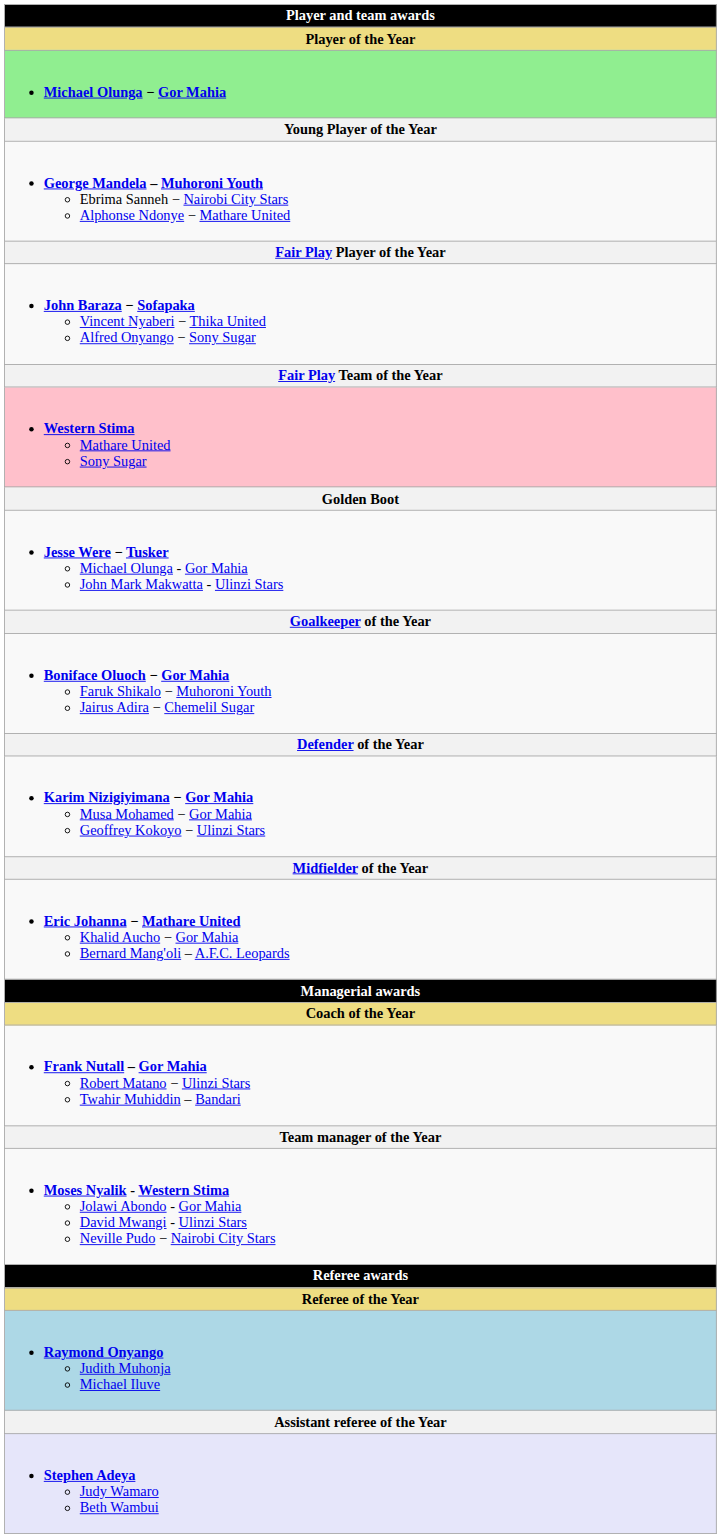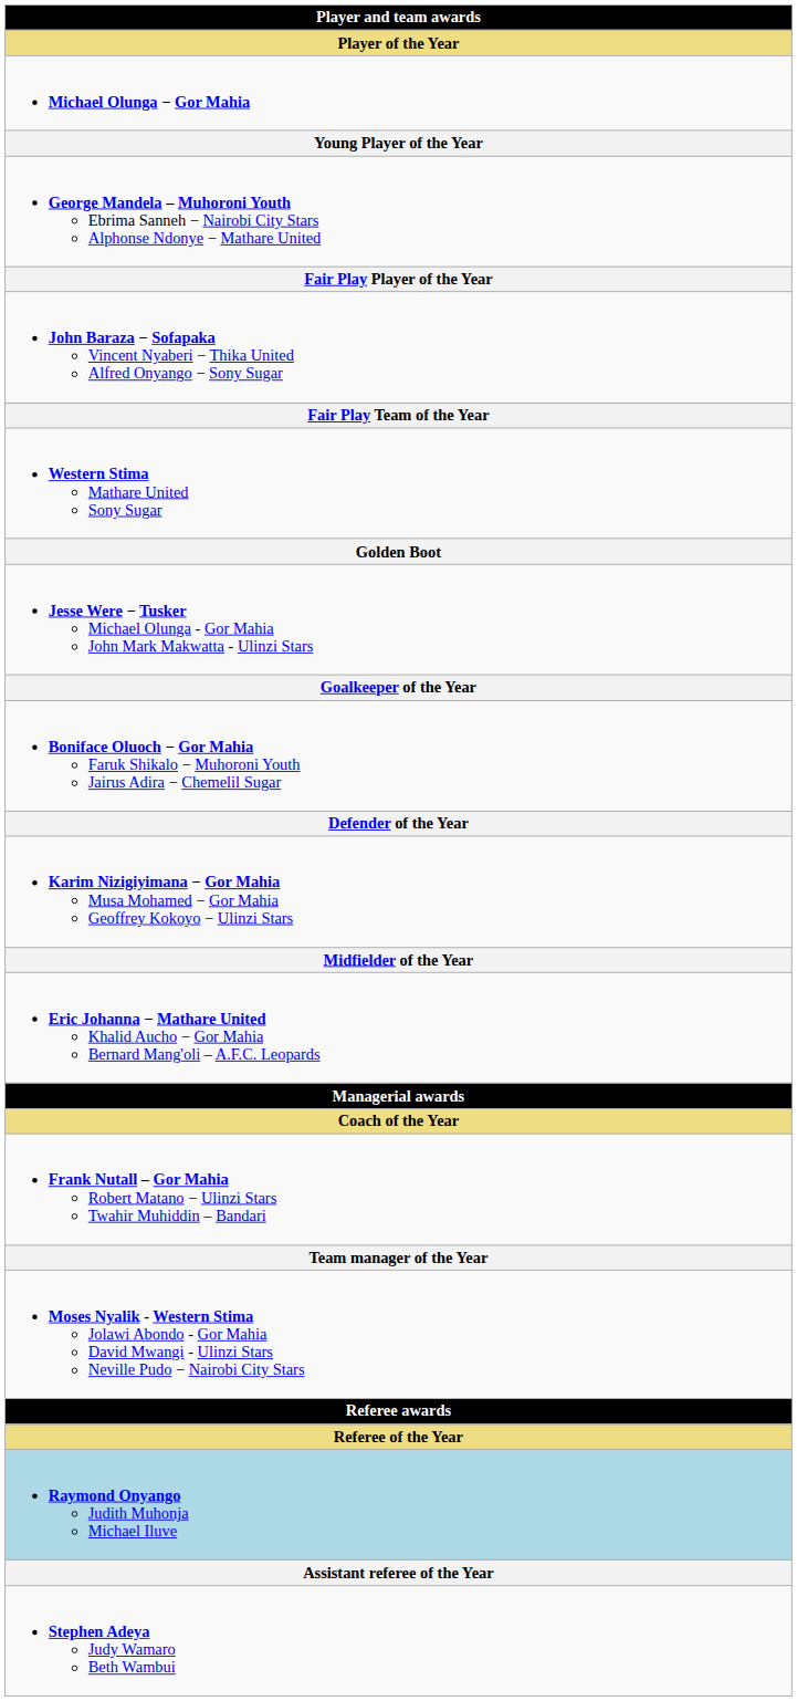 <table class="wikitable" width="50%">
 <tr>
 <th style="background:#000000; color: #FFFFFF">Player and team awards</th>
 </tr>
 <tr>
 <th style="background:#EEDD82;">Player of the Year</th>
 </tr>
 <tr>
-<td valign="top" style="background: lightgreen;"><br><ul><li><strong> <a href='#'>Michael Olunga</a> − <a href='#'>Gor Mahia</a></strong></li></ul></td>
+<td valign="top"><br><ul><li><strong> <a href='#'>Michael Olunga</a> − <a href='#'>Gor Mahia</a></strong></li></ul></td>
 </tr>
 <tr>
 <th>Young Player of the Year</th>
 </tr>
 <tr>
 <td valign="top"><br><ul><li><strong> <a href='#'>George Mandela</a> – <a href='#'>Muhoroni Youth</a></strong><ul><li> Ebrima Sanneh − <a href='#'>Nairobi City Stars</a></li><li> <a href='#'>Alphonse Ndonye</a> − <a href='#'>Mathare United</a></li></ul></li></ul></td>
 </tr>
 <tr>
 <th><a href='#'>Fair Play</a> Player of the Year</th>
 </tr>
 <tr>
 <td valign="top"><br><ul><li><strong> <a href='#'>John Baraza</a> − <a href='#'>Sofapaka</a></strong><ul><li> <a href='#'>Vincent Nyaberi</a> − <a href='#'>Thika United</a></li><li> <a href='#'>Alfred Onyango</a> − <a href='#'>Sony Sugar</a></li></ul></li></ul></td>
 </tr>
 <tr>
 <th><a href='#'>Fair Play</a> Team of the Year</th>
 </tr>
 <tr>
-<td valign="top" style="background: pink;"><br><ul><li><strong><a href='#'>Western Stima</a></strong><ul><li><a href='#'>Mathare United</a></li><li><a href='#'>Sony Sugar</a></li></ul></li></ul></td>
+<td valign="top"><br><ul><li><strong><a href='#'>Western Stima</a></strong><ul><li><a href='#'>Mathare United</a></li><li><a href='#'>Sony Sugar</a></li></ul></li></ul></td>
 </tr>
 <tr>
 <th>Golden Boot</th>
 </tr>
 <tr>
 <td valign="top"><br><ul><li><strong> <a href='#'>Jesse Were</a> − <a href='#'>Tusker</a></strong><ul><li> <a href='#'>Michael Olunga</a> - <a href='#'>Gor Mahia</a></li><li> <a href='#'>John Mark Makwatta</a> - <a href='#'>Ulinzi Stars</a></li></ul></li></ul></td>
 </tr>
 <tr>
 <th><a href='#'>Goalkeeper</a> of the Year</th>
 </tr>
 <tr>
 <td valign="top"><br><ul><li><strong> <a href='#'>Boniface Oluoch</a> − <a href='#'>Gor Mahia</a></strong><ul><li> <a href='#'>Faruk Shikalo</a> − <a href='#'>Muhoroni Youth</a></li><li> <a href='#'>Jairus Adira</a> − <a href='#'>Chemelil Sugar</a></li></ul></li></ul></td>
 </tr>
 <tr>
 <th><a href='#'>Defender</a> of the Year</th>
 </tr>
 <tr>
 <td valign="top"><br><ul><li><strong> <a href='#'>Karim Nizigiyimana</a> − <a href='#'>Gor Mahia</a></strong><ul><li> <a href='#'>Musa Mohamed</a> − <a href='#'>Gor Mahia</a></li><li> <a href='#'>Geoffrey Kokoyo</a> − <a href='#'>Ulinzi Stars</a></li></ul></li></ul></td>
 </tr>
 <tr>
 <th><a href='#'>Midfielder</a> of the Year</th>
 </tr>
 <tr>
 <td valign="top"><br><ul><li><strong> <a href='#'>Eric Johanna</a> − <a href='#'>Mathare United</a></strong><ul><li> <a href='#'>Khalid Aucho</a> − <a href='#'>Gor Mahia</a></li><li> <a href='#'>Bernard Mang'oli</a> – <a href='#'>A.F.C. Leopards</a></li></ul></li></ul></td>
 </tr>
 <tr>
 <th style="background:#000000; color: #FFFFFF">Managerial awards</th>
 </tr>
 <tr>
 <th style="background:#EEDD82;">Coach of the Year</th>
 </tr>
 <tr>
 <td valign="top"><br><ul><li><strong> <a href='#'>Frank Nutall</a> – <a href='#'>Gor Mahia</a></strong><ul><li> <a href='#'>Robert Matano</a> − <a href='#'>Ulinzi Stars</a></li><li> <a href='#'>Twahir Muhiddin</a> – <a href='#'>Bandari</a></li></ul></li></ul></td>
 </tr>
 <tr>
 <th>Team manager of the Year</th>
 </tr>
 <tr>
 <td valign="top"><br><ul><li><strong> <a href='#'>Moses Nyalik</a> - <a href='#'>Western Stima</a></strong><ul><li> <a href='#'>Jolawi Abondo</a> - <a href='#'>Gor Mahia</a></li><li> <a href='#'>David Mwangi</a> - <a href='#'>Ulinzi Stars</a></li><li> <a href='#'>Neville Pudo</a> − <a href='#'>Nairobi City Stars</a></li></ul></li></ul></td>
 </tr>
 <tr>
 <th style="background:#000000; color: #FFFFFF">Referee awards</th>
 </tr>
 <tr>
 </tr>
 <tr>
 <th style="background:#EEDD82;">Referee of the Year</th>
 </tr>
 <tr>
 <td valign="top" style="background: lightblue;"><br><ul><li><strong><a href='#'>Raymond Onyango</a></strong><ul><li><a href='#'>Judith Muhonja</a></li><li><a href='#'>Michael Iluve</a></li></ul></li></ul></td>
 </tr>
 <tr>
 <th>Assistant referee of the Year</th>
 </tr>
 <tr>
-<td valign="top" style="background: lavender;"><br><ul><li><strong><a href='#'>Stephen Adeya</a></strong><ul><li><a href='#'>Judy Wamaro</a></li><li><a href='#'>Beth Wambui</a></li></ul></li></ul></td>
+<td valign="top"><br><ul><li><strong><a href='#'>Stephen Adeya</a></strong><ul><li><a href='#'>Judy Wamaro</a></li><li><a href='#'>Beth Wambui</a></li></ul></li></ul></td>
 </tr>
 </table>
